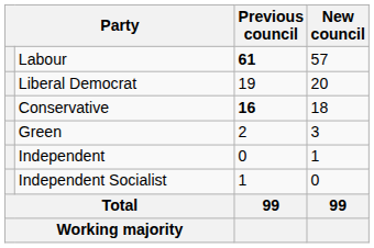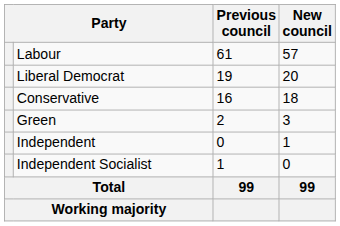 <table class="wikitable">
 <tr>
 <th valign=centre colspan="2" style="width: 230px">Party</th>
 <th valign=top style="width: 30px">Previous council</th>
 <th valign=top style="width: 30px">New council</th>
 </tr>
 <tr>
 <th style="background-color: "></th>
 <td>Labour</td>
-<td><strong>61</strong></td>
+<td>61</td>
 <td>57</td>
 </tr>
 <tr>
 <th style="background-color: "></th>
 <td>Liberal Democrat</td>
 <td>19</td>
 <td>20</td>
 </tr>
 <tr>
 <th style="background-color: "></th>
 <td>Conservative</td>
-<td><strong>16</strong></td>
+<td>16</td>
 <td>18</td>
 </tr>
 <tr>
 <th style="background-color: "></th>
 <td>Green</td>
 <td>2</td>
 <td>3</td>
 </tr>
 <tr>
 <th style="background-color: "></th>
 <td>Independent</td>
 <td>0</td>
 <td>1</td>
 </tr>
 <tr>
 <th style="background-color: "></th>
 <td>Independent Socialist</td>
 <td>1</td>
 <td>0</td>
 </tr>
 <tr>
 <th colspan=2>Total</th>
 <th style="text-align: center">99</th>
 <th colspan=3>99</th>
 </tr>
 <tr>
 <th colspan=2>Working majority</th>
 <th></th>
 <th></th>
 </tr>
 </table>
